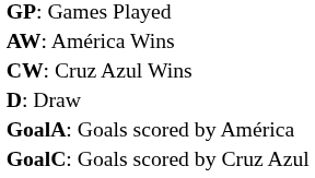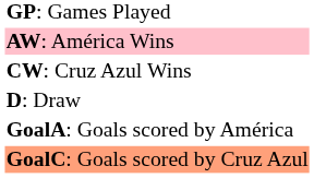 <table>
 <tr>
 <td><strong>GP</strong>: Games Played</td>
 </tr>
 <tr>
-<td><strong>AW</strong>: América Wins</td>
+<td style="background: pink;"><strong>AW</strong>: América Wins</td>
 </tr>
 <tr>
 <td><strong>CW</strong>: Cruz Azul Wins</td>
 </tr>
 <tr>
 <td><strong>D</strong>: Draw</td>
 </tr>
 <tr>
 <td><strong>GoalA</strong>: Goals scored by América</td>
 </tr>
 <tr>
-<td><strong>GoalC</strong>: Goals scored by Cruz Azul</td>
+<td style="background: lightsalmon;"><strong>GoalC</strong>: Goals scored by Cruz Azul</td>
 </tr>
 </table>
